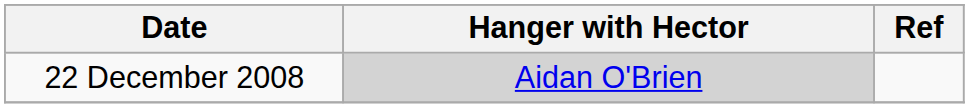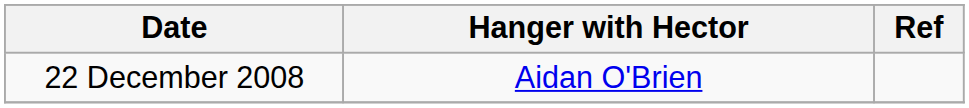 <table class="wikitable">
 <tr>
 <th width="170" rowspan="1">Date</th>
 <th width="270" rowspan="1">Hanger with Hector</th>
 <th width="40" rowspan="1">Ref</th>
 </tr>
 <tr>
 <td align="center">22 December 2008</td>
-<td align="center" style="background: lightgrey;"><a href='#'>Aidan O'Brien</a></td>
+<td align="center"><a href='#'>Aidan O'Brien</a></td>
 <td align="center"></td>
 </tr>
 <tr>
 </tr>
 </table>
